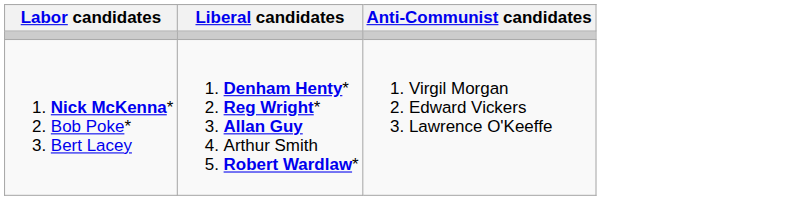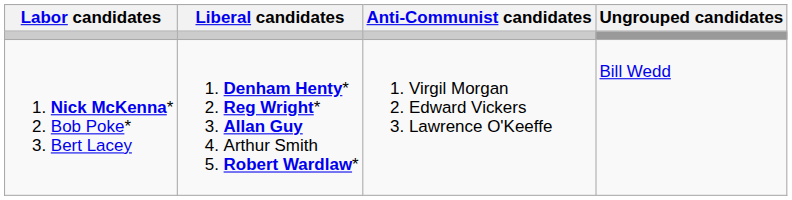 <table class="wikitable">
 <tr>
 <th><a href='#'>Labor</a> candidates</th>
 <th><a href='#'>Liberal</a> candidates</th>
 <th><a href='#'>Anti-Communist</a> candidates</th>
+<th>Ungrouped candidates</th>
 </tr>
 <tr bgcolor="#cccccc">
 <td></td>
 <td></td>
 <td></td>
+<td bgcolor="#999999"></td>
 </tr>
 <tr>
 <td><br><ol><li><strong><a href='#'>Nick McKenna</a></strong>*</li><li><a href='#'>Bob Poke</a>*</li><li><a href='#'>Bert Lacey</a></li></ol></td>
 <td><br><ol><li><strong><a href='#'>Denham Henty</a></strong>*</li><li><strong><a href='#'>Reg Wright</a></strong>*</li><li><strong><a href='#'>Allan Guy</a></strong></li><li>Arthur Smith</li><li><strong><a href='#'>Robert Wardlaw</a></strong>*</li></ol></td>
 <td valign=top><br><ol><li>Virgil Morgan</li><li>Edward Vickers</li><li>Lawrence O'Keeffe</li></ol></td>
+<td valign=top><br><a href='#'>Bill Wedd</a></td>
 </tr>
 </table>
